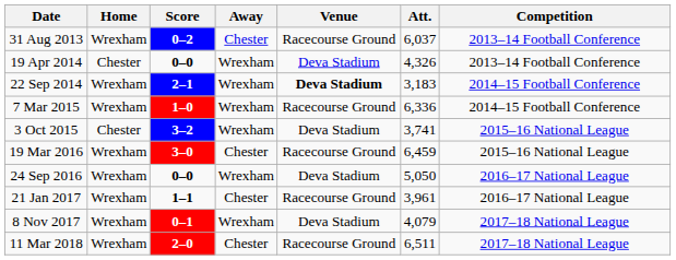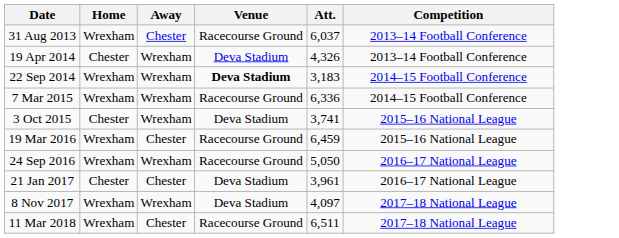 <table class="wikitable" style="text-align:center;">
 <tr>
 <th width=85>Date</th>
 <th width=5>Home</th>
-<th width=65>Score</th>
 <th width=5>Away</th>
 <th width=130>Venue</th>
 <th width=5>Att.</th>
 <th width=250>Competition</th>
 </tr>
 <tr>
 <td>31 Aug 2013</td>
 <td>Wrexham</td>
-<td style="color:#FFFFFF; background:#0000FF"><strong>0–2</strong></td>
 <td><a href='#'>Chester</a></td>
 <td>Racecourse Ground</td>
 <td>6,037</td>
 <td><a href='#'>2013–14 Football Conference</a></td>
 </tr>
 <tr>
 <td>19 Apr 2014</td>
 <td>Chester</td>
-<td><strong>0–0</strong></td>
 <td>Wrexham</td>
 <td><a href='#'>Deva Stadium</a></td>
 <td>4,326</td>
 <td>2013–14 Football Conference</td>
 </tr>
 <tr>
 <td>22 Sep 2014</td>
 <td>Wrexham</td>
-<td style="color:#FFFFFF; background:#0000FF"><strong>2–1</strong></td>
 <td>Wrexham</td>
 <td><strong>Deva Stadium</strong></td>
 <td>3,183</td>
 <td><a href='#'>2014–15 Football Conference</a></td>
 </tr>
 <tr>
 <td>7 Mar 2015</td>
 <td>Wrexham</td>
-<td style="color:#FFFFFF; background:#FF0000"><strong>1–0</strong></td>
 <td>Wrexham</td>
 <td>Racecourse Ground</td>
 <td>6,336</td>
 <td>2014–15 Football Conference</td>
 </tr>
 <tr>
 <td>3 Oct 2015</td>
 <td>Chester</td>
-<td style="color:#FFFFFF; background:#0000FF"><strong>3–2</strong></td>
 <td>Wrexham</td>
 <td>Deva Stadium</td>
 <td>3,741</td>
 <td><a href='#'>2015–16 National League</a></td>
 </tr>
 <tr>
 <td>19 Mar 2016</td>
 <td>Wrexham</td>
-<td style="color:#FFFFFF; background:#FF0000"><strong>3–0</strong></td>
 <td>Chester</td>
 <td>Racecourse Ground</td>
 <td>6,459</td>
 <td>2015–16 National League</td>
 </tr>
 <tr>
 <td>24 Sep 2016</td>
 <td>Wrexham</td>
-<td><strong>0–0</strong></td>
 <td>Wrexham</td>
-<td>Deva Stadium</td>
+<td>Racecourse Ground</td>
 <td>5,050</td>
 <td><a href='#'>2016–17 National League</a></td>
 </tr>
 <tr>
 <td>21 Jan 2017</td>
-<td>Wrexham</td>
-<td><strong>1–1</strong></td>
 <td>Chester</td>
-<td>Racecourse Ground</td>
+<td>Chester</td>
+<td>Deva Stadium</td>
 <td>3,961</td>
 <td>2016–17 National League</td>
 </tr>
 <tr>
 <td>8 Nov 2017</td>
 <td>Wrexham</td>
-<td style="color:#FFFFFF; background:#FF0000"><strong>0–1</strong></td>
 <td>Wrexham</td>
 <td>Deva Stadium</td>
-<td>4,079</td>
+<td>4,097</td>
 <td><a href='#'>2017–18 National League</a></td>
 </tr>
 <tr>
 <td>11 Mar 2018</td>
 <td>Wrexham</td>
-<td style="color:#FFFFFF; background:#FF0000"><strong>2–0</strong></td>
 <td>Chester</td>
 <td>Racecourse Ground</td>
 <td>6,511</td>
 <td><a href='#'>2017–18 National League</a></td>
 </tr>
 </table>
